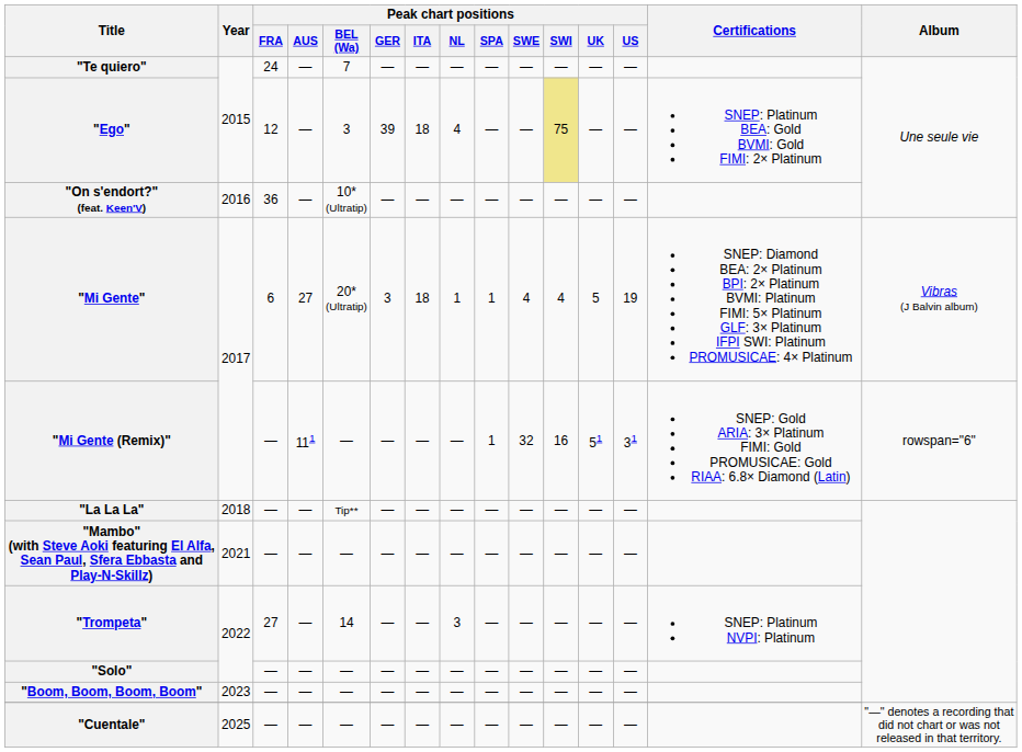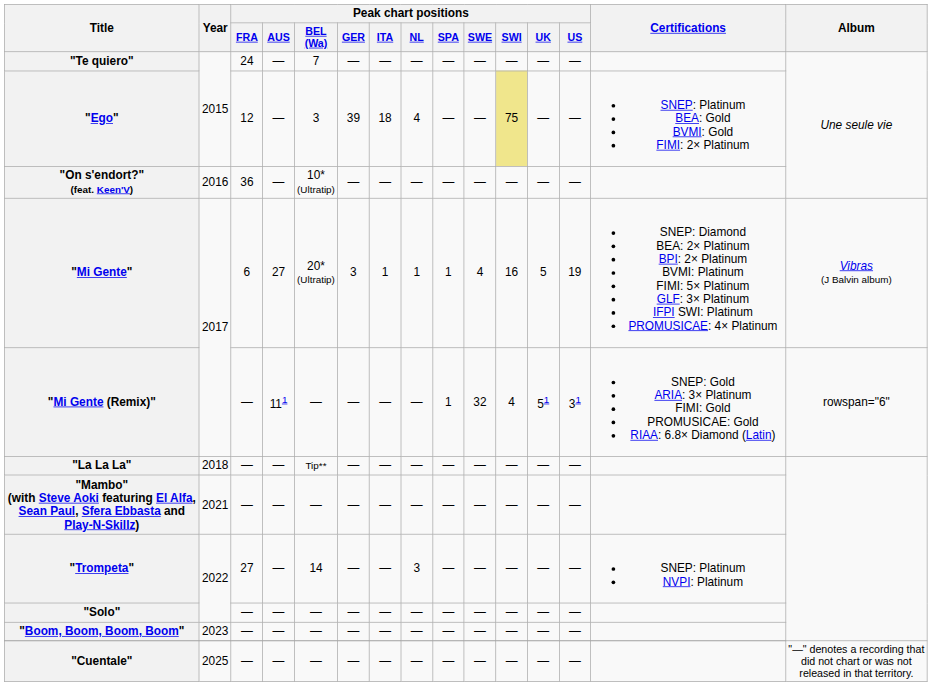 <table class="wikitable plainrowheaders" style="text-align:center;">
 <tr>
 <th scope="col" rowspan="2" style="width:16em;">Title</th>
 <th scope="col" rowspan="2" style="width:1em;">Year</th>
 <th scope="col" colspan="11">Peak chart positions</th>
 <th scope="col" rowspan="2" style="width:16em;"><a href='#'>Certifications</a></th>
 <th scope="col" rowspan="2">Album</th>
 </tr>
 <tr>
 <th scope="col" style="width:2.5em;font-size:90%;"><a href='#'>FRA</a><br></th>
 <th scope="col" style="width:2.5em;font-size:90%;"><a href='#'>AUS</a><br></th>
 <th scope="col" style="width:2.5em;font-size:90%;"><a href='#'>BEL <br>(Wa)</a><br></th>
 <th scope="col" style="width:2.5em;font-size:90%;"><a href='#'>GER</a><br></th>
 <th scope="col" style="width:2.5em;font-size:90%;"><a href='#'>ITA</a><br></th>
 <th scope="col" style="width:2.5em;font-size:90%;"><a href='#'>NL</a><br></th>
 <th scope="col" style="width:2.5em;font-size:90%;"><a href='#'>SPA</a><br></th>
 <th scope="col" style="width:2.5em;font-size:90%;"><a href='#'>SWE</a><br></th>
 <th scope="col" style="width:2.5em;font-size:90%;"><a href='#'>SWI</a><br></th>
 <th scope="col" style="width:2.5em;font-size:90%;"><a href='#'>UK</a><br></th>
 <th scope="col" style="width:2.5em;font-size:90%;"><a href='#'>US</a><br></th>
 </tr>
 <tr>
 <th scope="row">"Te quiero"</th>
 <td rowspan=2>2015</td>
 <td>24</td>
 <td>—</td>
 <td>7</td>
 <td>—</td>
 <td>—</td>
 <td>—</td>
 <td>—</td>
 <td>—</td>
 <td>—</td>
 <td>—</td>
 <td>—</td>
 <td></td>
 <td rowspan=3><em>Une seule vie</em></td>
 </tr>
 <tr>
 <th scope="row">"<a href='#'>Ego</a>"</th>
 <td>12</td>
 <td>—</td>
 <td>3</td>
 <td>39</td>
 <td>18</td>
 <td>4</td>
 <td>—</td>
 <td>—</td>
 <td style="background: khaki;">75</td>
 <td>—</td>
 <td>—</td>
 <td><br><ul><li><a href='#'>SNEP</a>: Platinum</li><li><a href='#'>BEA</a>: Gold</li><li><a href='#'>BVMI</a>: Gold</li><li><a href='#'>FIMI</a>: 2× Platinum</li></ul></td>
 </tr>
 <tr>
 <th scope="row">"On s'endort?"<br><small>(feat. <a href='#'>Keen'V</a>)</small></th>
 <td>2016</td>
 <td>36</td>
 <td>—</td>
 <td>10*<br><small>(Ultratip)</small></td>
 <td>—</td>
 <td>—</td>
 <td>—</td>
 <td>—</td>
 <td>—</td>
 <td>—</td>
 <td>—</td>
 <td>—</td>
 <td></td>
 </tr>
 <tr>
 <th scope="row">"<a href='#'>Mi Gente</a>"<br></th>
 <td rowspan="2">2017</td>
 <td>6</td>
 <td>27</td>
 <td>20*<br><small>(Ultratip)</small></td>
 <td>3</td>
-<td>18</td>
+<td>1<br></td>
 <td>1</td>
 <td>1<br></td>
 <td>4<br></td>
-<td>4</td>
+<td>16</td>
 <td>5</td>
 <td>19</td>
 <td><br><ul><li>SNEP: Diamond</li><li>BEA: 2× Platinum</li><li><a href='#'>BPI</a>: 2× Platinum</li><li>BVMI: Platinum</li><li>FIMI: 5× Platinum</li><li><a href='#'>GLF</a>: 3× Platinum</li><li><a href='#'>IFPI</a> SWI: Platinum</li><li><a href='#'>PROMUSICAE</a>: 4× Platinum</li></ul></td>
 <td><em><a href='#'>Vibras</a></em><br><small>(J Balvin album)</small></td>
 </tr>
 <tr>
 <th scope="row">"<a href='#'>Mi Gente</a> (Remix)"<br></th>
 <td>—</td>
 <td>11<sup><a href='#'>1</a></sup></td>
 <td>—</td>
 <td>—</td>
 <td>—</td>
 <td>—</td>
 <td>1</td>
 <td>32</td>
-<td>16</td>
+<td>4</td>
 <td>5<sup><a href='#'>1</a></sup></td>
 <td>3<sup><a href='#'>1</a></sup><br></td>
 <td><br><ul><li>SNEP: Gold</li><li><a href='#'>ARIA</a>: 3× Platinum</li><li>FIMI: Gold</li><li>PROMUSICAE: Gold</li><li><a href='#'>RIAA</a>: 6.8× Diamond (<a href='#'>Latin</a>)</li></ul></td>
 <td>rowspan="6" </td>
 </tr>
 <tr>
 <th scope="row">"La La La"</th>
 <td>2018</td>
 <td>—</td>
 <td>—</td>
 <td><small>Tip**</small></td>
 <td>—</td>
 <td>—</td>
 <td>—</td>
 <td>—</td>
 <td>—</td>
 <td>—</td>
 <td>—</td>
 <td>—</td>
 <td></td>
 </tr>
 <tr>
 <th scope="row">"Mambo" <br><span> (with <a href='#'>Steve Aoki</a> featuring <a href='#'>El Alfa</a>, <a href='#'>Sean Paul</a>, <a href='#'>Sfera Ebbasta</a> and <a href='#'>Play-N-Skillz</a>)</span></th>
 <td>2021</td>
 <td>—</td>
 <td>—</td>
 <td>—</td>
 <td>—</td>
 <td>—</td>
 <td>—</td>
 <td>—</td>
 <td>—</td>
 <td>—</td>
 <td>—</td>
 <td>—</td>
 <td></td>
 </tr>
 <tr>
 <th scope="row">"<a href='#'>Trompeta</a>"</th>
 <td rowspan="2">2022</td>
 <td>27<br></td>
 <td>—</td>
 <td>14</td>
 <td>—</td>
 <td>—</td>
 <td>3</td>
 <td>—</td>
 <td>—</td>
 <td>—</td>
 <td>—</td>
 <td>—</td>
 <td><br><ul><li>SNEP: Platinum</li><li><a href='#'>NVPI</a>: Platinum</li></ul></td>
 </tr>
 <tr>
 <th scope="row">"Solo"<br></th>
 <td>—</td>
 <td>—</td>
 <td>—</td>
 <td>—</td>
 <td>—</td>
 <td>—</td>
 <td>—</td>
 <td>—</td>
 <td>—</td>
 <td>—</td>
 <td>—</td>
 <td></td>
 </tr>
 <tr>
 <th scope="row">"<a href='#'>Boom, Boom, Boom, Boom</a>"<br> </th>
 <td>2023</td>
 <td>—</td>
 <td>—</td>
 <td>—</td>
 <td>—</td>
 <td>—</td>
 <td>—</td>
 <td>—</td>
 <td>—</td>
 <td>—</td>
 <td>—</td>
 <td>—</td>
 <td></td>
 </tr>
 <tr>
 </tr>
 <tr>
 <th scope="row">"Cuentale"<br> </th>
 <td>2025</td>
 <td>—</td>
 <td>—</td>
 <td>—</td>
 <td>—</td>
 <td>—</td>
 <td>—</td>
 <td>—</td>
 <td>—</td>
 <td>—</td>
 <td>—</td>
 <td>—</td>
 <td></td>
 <td colspan="16" style="font-size:90%">"—" denotes a recording that did not chart or was not released in that territory.</td>
 </tr>
 </table>
